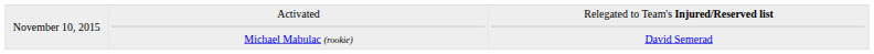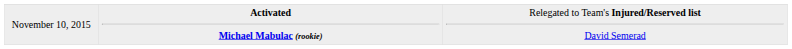 <table border=1 style="border-collapse:collapse; text-align: center; width: 100%" bordercolor="#DFDFDF"  cellpadding="5">
 <tr>
 </tr>
 <tr bgcolor="eeeeee">
 <td rowspan=2>November 10, 2015 <br></td>
-<td style="width:44%" valign="top">Activated<hr><a href='#'>Michael Mabulac</a> <small><em>(rookie)</em></small></td>
+<td style="width:44%" valign="top"><strong>Activated<hr><a href='#'>Michael Mabulac</a> <small><em>(rookie)</em></small></strong></td>
 <td style="width:44%" valign="top">Relegated to Team's <strong>Injured/Reserved list</strong><hr><a href='#'>David Semerad</a></td>
 </tr>
 </table>
